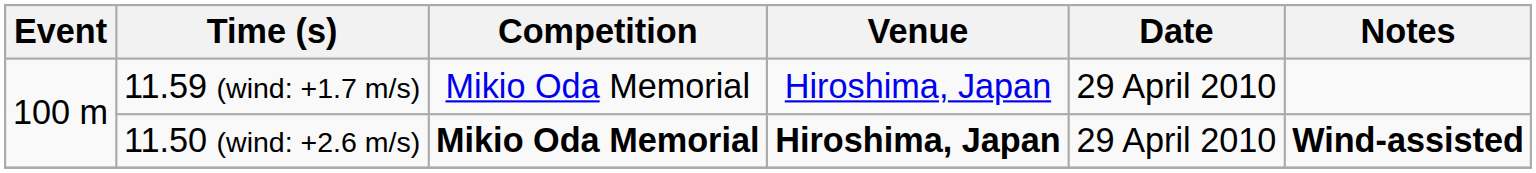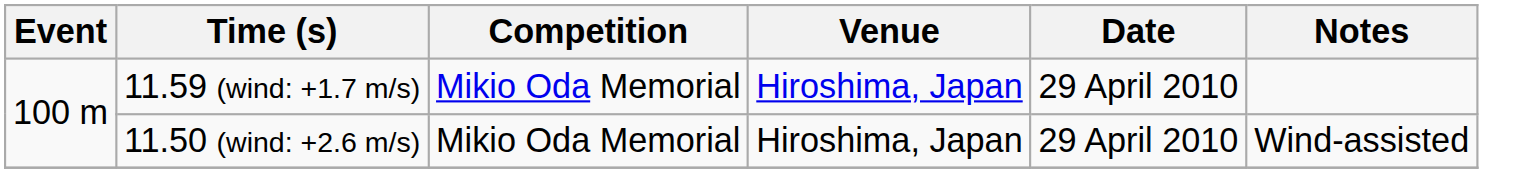 <table class="wikitable" style=text-align:center>
 <tr>
 <th>Event</th>
 <th>Time (s)</th>
 <th>Competition</th>
 <th>Venue</th>
 <th>Date</th>
 <th>Notes</th>
 </tr>
 <tr>
 <td rowspan=2>100 m</td>
 <td>11.59 <small>(wind: +1.7 m/s)</small></td>
 <td><a href='#'>Mikio Oda</a> Memorial</td>
 <td><a href='#'>Hiroshima, Japan</a></td>
 <td>29 April 2010</td>
 <td></td>
 </tr>
 <tr>
 <td>11.50 <small>(wind: +2.6 m/s)</small></td>
-<td><strong>Mikio Oda Memorial</strong></td>
-<td><strong>Hiroshima, Japan</strong></td>
+<td>Mikio Oda Memorial</td>
+<td>Hiroshima, Japan</td>
 <td>29 April 2010</td>
-<td><strong>Wind-assisted</strong></td>
+<td>Wind-assisted</td>
 </tr>
 <tr>
 </tr>
 </table>
